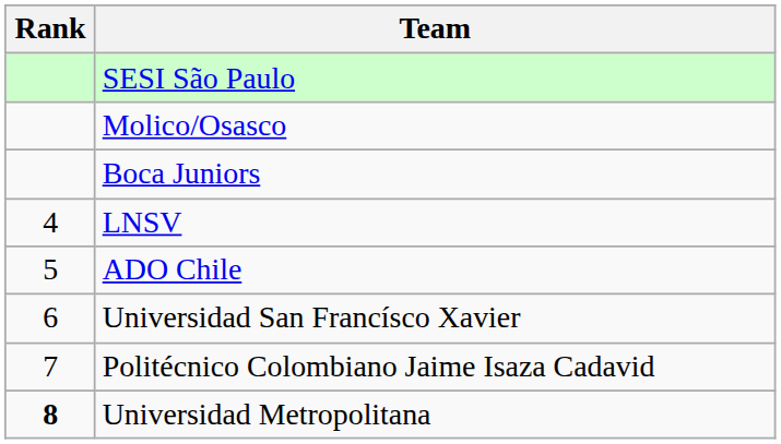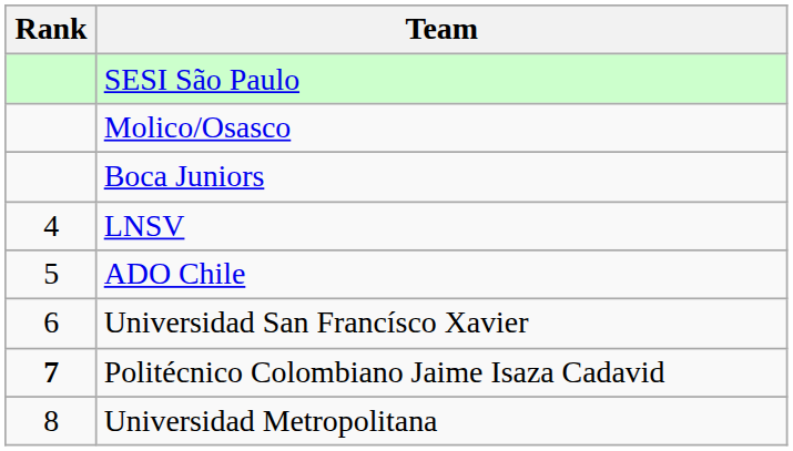 <table class="wikitable" style="text-align: center;">
 <tr>
 <th width=40>Rank</th>
 <th width=350>Team</th>
 </tr>
 <tr bgcolor=#ccffcc align=center>
 <td></td>
 <td style="text-align:left;"> <a href='#'>SESI São Paulo</a></td>
 </tr>
 <tr align=center>
 <td></td>
 <td style="text-align:left;"> <a href='#'>Molico/Osasco</a></td>
 </tr>
 <tr align=center>
 <td></td>
 <td style="text-align:left;"> <a href='#'>Boca Juniors</a></td>
 </tr>
 <tr align=center>
 <td>4</td>
 <td style="text-align:left;"> <a href='#'>LNSV</a></td>
 </tr>
 <tr align=center>
 <td>5</td>
 <td style="text-align:left;"> <a href='#'>ADO Chile</a></td>
 </tr>
 <tr align=center>
 <td>6</td>
 <td style="text-align:left;"> Universidad San Francísco Xavier</td>
 </tr>
 <tr align=center>
-<td>7</td>
+<td><strong>7</strong></td>
 <td style="text-align:left;"> Politécnico Colombiano Jaime Isaza Cadavid</td>
 </tr>
 <tr align=center>
-<td><strong>8</strong></td>
+<td>8</td>
 <td style="text-align:left;"> Universidad Metropolitana</td>
 </tr>
 </table>
